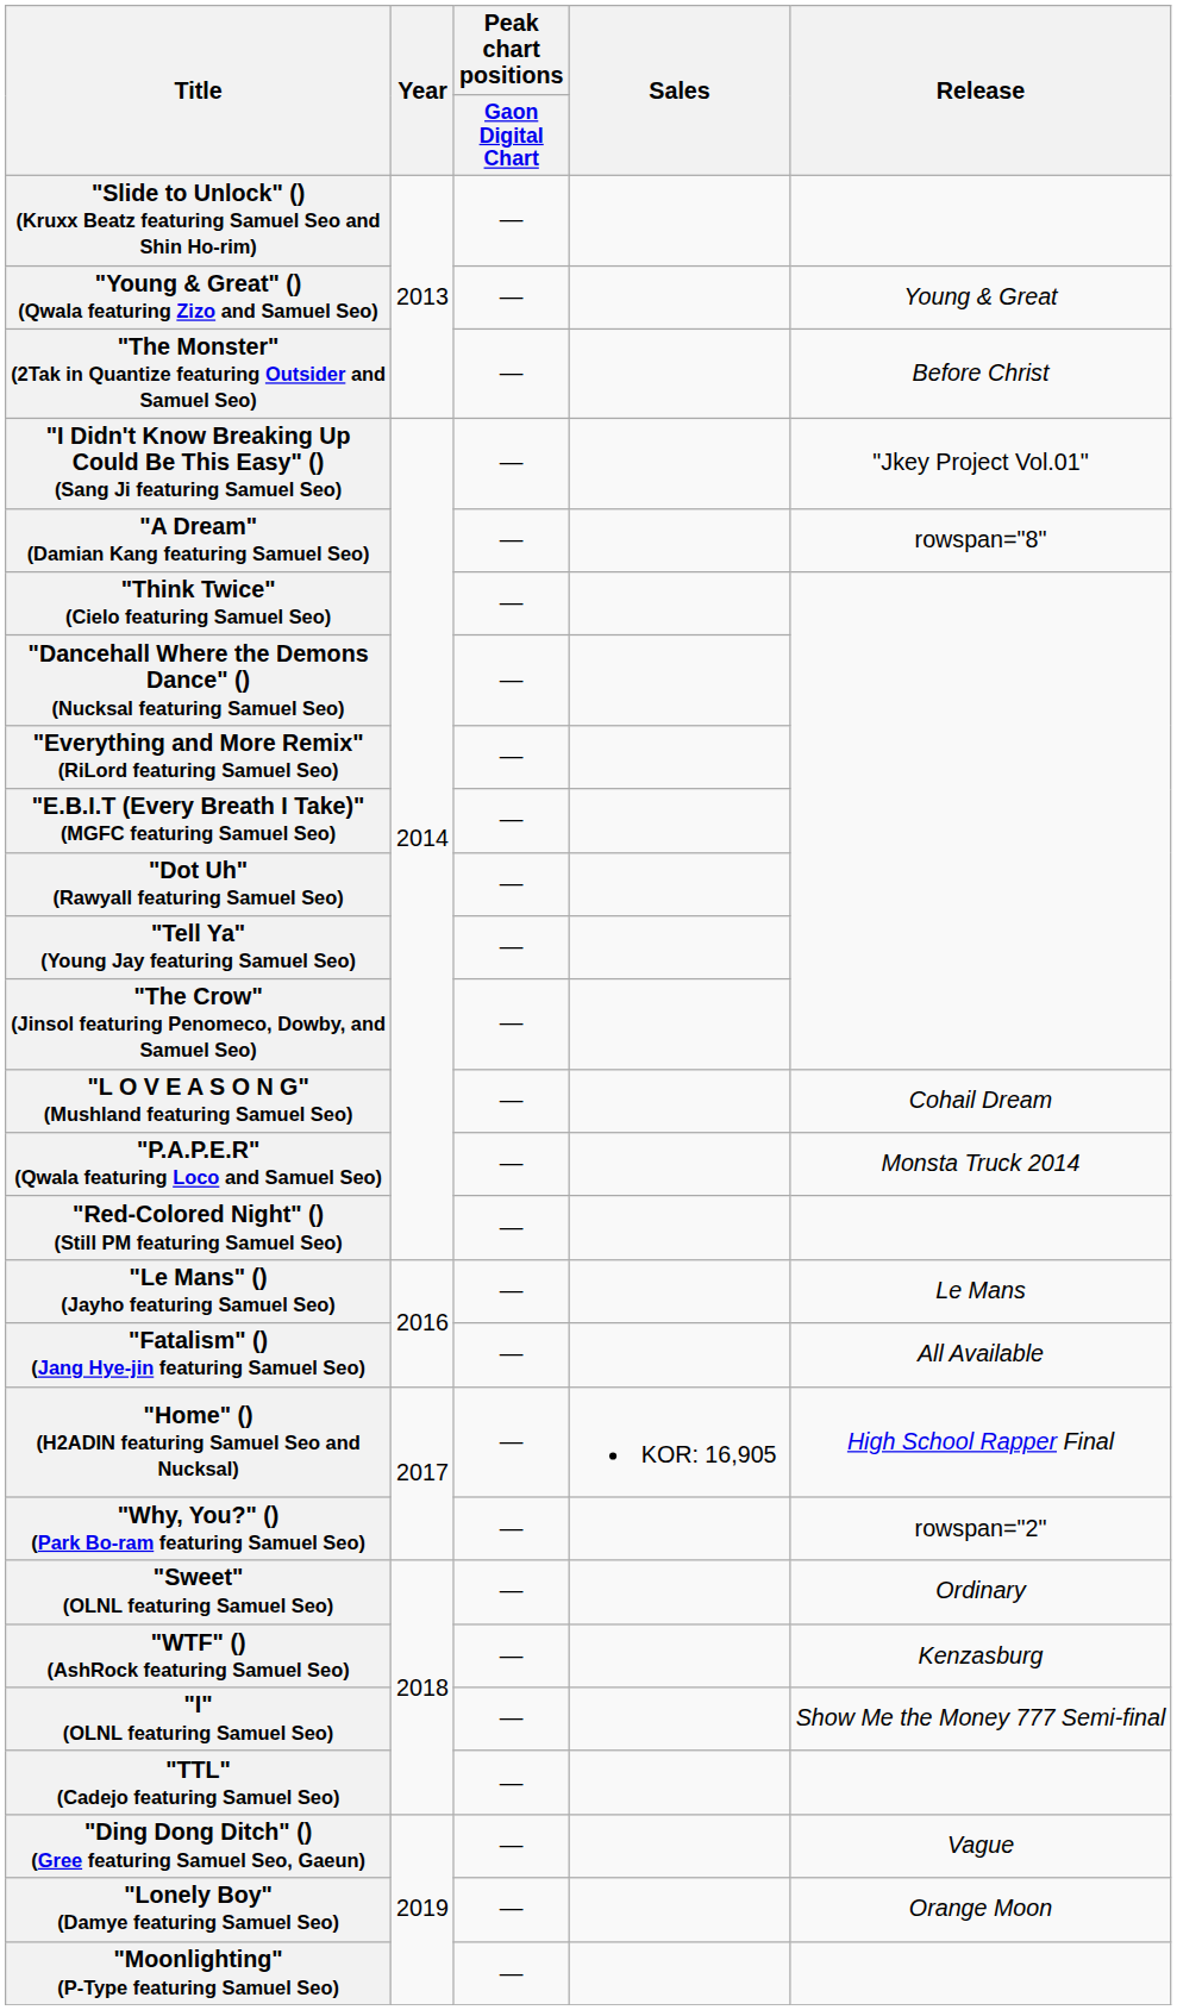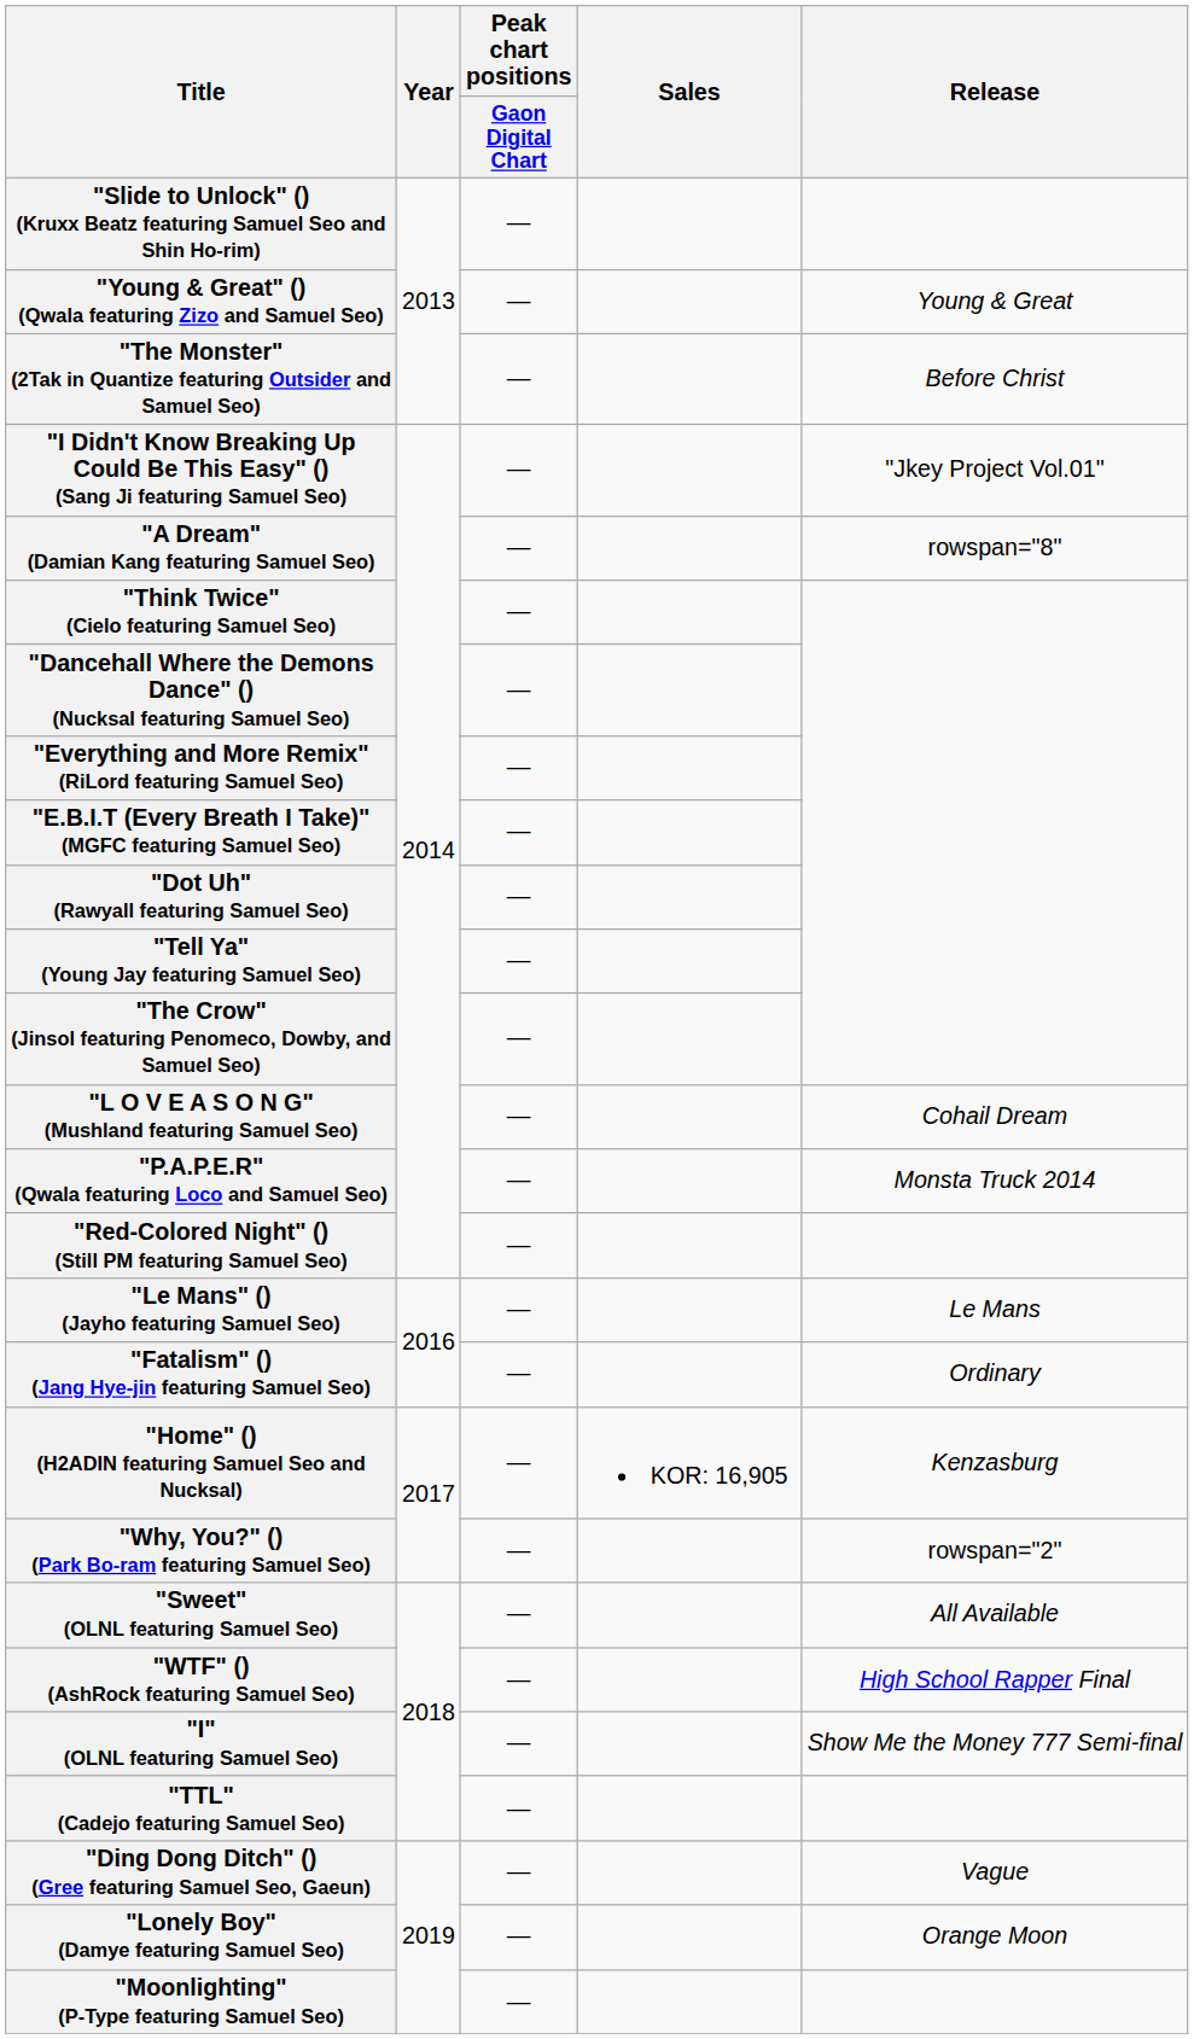 <table class="wikitable plainrowheaders" style="text-align:center;" border="1">
 <tr>
 <th scope="col" rowspan="2" style="width:16em;">Title</th>
 <th scope="col" rowspan="2">Year</th>
 <th scope="col">Peak chart positions</th>
 <th scope="col" rowspan="2" style="width:9em;">Sales</th>
 <th scope="col" rowspan="2">Release</th>
 </tr>
 <tr>
 <th scope="col" style="width:3em;font-size:90%;"><a href='#'>Gaon Digital Chart</a></th>
 </tr>
 <tr>
 <th scope="row">"Slide to Unlock" ()<br><small>(Kruxx Beatz featuring Samuel Seo and Shin Ho-rim)</small></th>
 <td rowspan="3">2013</td>
 <td>—</td>
 <td></td>
 <td></td>
 </tr>
 <tr>
 <th scope="row">"Young & Great" ()<br><small>(Qwala featuring <a href='#'>Zizo</a> and Samuel Seo)</small></th>
 <td>—</td>
 <td></td>
 <td><em>Young & Great</em></td>
 </tr>
 <tr>
 <th scope="row">"The Monster"<br><small>(2Tak in Quantize featuring <a href='#'>Outsider</a> and Samuel Seo)</small></th>
 <td>—</td>
 <td></td>
 <td><em>Before Christ</em></td>
 </tr>
 <tr>
 <th scope="row">"I Didn't Know Breaking Up Could Be This Easy" ()<br><small>(Sang Ji featuring Samuel Seo)</small></th>
 <td rowspan="12">2014</td>
 <td>—</td>
 <td></td>
 <td>"Jkey Project Vol.01"</td>
 </tr>
 <tr>
 <th scope="row">"A Dream"<br><small>(Damian Kang featuring Samuel Seo)</small></th>
 <td>—</td>
 <td></td>
 <td>rowspan="8" </td>
 </tr>
 <tr>
 <th scope="row">"Think Twice"<br><small>(Cielo featuring Samuel Seo)</small></th>
 <td>—</td>
 <td></td>
 </tr>
 <tr>
 <th scope="row">"Dancehall Where the Demons Dance" ()<br><small>(Nucksal featuring Samuel Seo)</small></th>
 <td>—</td>
 <td></td>
 </tr>
 <tr>
 <th scope="row">"Everything and More Remix"<br><small>(RiLord featuring Samuel Seo)</small></th>
 <td>—</td>
 <td></td>
 </tr>
 <tr>
 <th scope="row">"E.B.I.T (Every Breath I Take)"<br><small>(MGFC featuring Samuel Seo)</small></th>
 <td>—</td>
 <td></td>
 </tr>
 <tr>
 <th scope="row">"Dot Uh"<br><small>(Rawyall featuring Samuel Seo)</small></th>
 <td>—</td>
 <td></td>
 </tr>
 <tr>
 <th scope="row">"Tell Ya"<br><small>(Young Jay featuring Samuel Seo)</small></th>
 <td>—</td>
 <td></td>
 </tr>
 <tr>
 <th scope="row">"The Crow"<br><small>(Jinsol featuring Penomeco, Dowby, and Samuel Seo)</small></th>
 <td>—</td>
 <td></td>
 </tr>
 <tr>
 <th scope="row">"L O V E A S O N G"<br><small>(Mushland featuring Samuel Seo)</small></th>
 <td>—</td>
 <td></td>
 <td><em>Cohail Dream</em></td>
 </tr>
 <tr>
 <th scope="row">"P.A.P.E.R"<br><small>(Qwala featuring <a href='#'>Loco</a> and Samuel Seo)</small></th>
 <td>—</td>
 <td></td>
 <td><em>Monsta Truck 2014</em></td>
 </tr>
 <tr>
 <th scope="row">"Red-Colored Night" ()<br><small>(Still PM featuring Samuel Seo)</small></th>
 <td>—</td>
 <td></td>
 <td></td>
 </tr>
 <tr>
 <th scope="row">"Le Mans" ()<br><small>(Jayho featuring Samuel Seo)</small></th>
 <td rowspan="2">2016</td>
 <td>—</td>
 <td></td>
 <td><em>Le Mans</em></td>
 </tr>
 <tr>
 <th scope="row">"Fatalism" ()<br><small>(<a href='#'>Jang Hye-jin</a> featuring Samuel Seo)</small></th>
 <td>—</td>
 <td></td>
-<td><em>All Available</em></td>
+<td><em>Ordinary</em></td>
 </tr>
 <tr>
 <th scope="row">"Home" ()<br><small>(H2ADIN featuring Samuel Seo and Nucksal)</small></th>
 <td rowspan="2">2017</td>
 <td>—</td>
 <td><br><ul><li>KOR: 16,905</li></ul></td>
-<td><em><a href='#'>High School Rapper</a> Final</em></td>
+<td><em>Kenzasburg</em></td>
 </tr>
 <tr>
 <th scope="row">"Why, You?" ()<br><small>(<a href='#'>Park Bo-ram</a> featuring Samuel Seo)</small></th>
 <td>—</td>
 <td></td>
 <td>rowspan="2" </td>
 </tr>
 <tr>
 <th scope="row">"Sweet" <br><small>(OLNL featuring Samuel Seo)</small></th>
 <td rowspan="4">2018</td>
 <td>—</td>
 <td></td>
-<td><em>Ordinary</em></td>
+<td><em>All Available</em></td>
 </tr>
 <tr>
 <th scope="row">"WTF" ()<br><small>(AshRock featuring Samuel Seo)</small></th>
 <td>—</td>
 <td></td>
-<td><em>Kenzasburg</em></td>
+<td><em><a href='#'>High School Rapper</a> Final</em></td>
 </tr>
 <tr>
 <th scope="row">"I"<br><small>(OLNL featuring Samuel Seo)</small></th>
 <td>—</td>
 <td></td>
 <td><em>Show Me the Money 777 Semi-final</em></td>
 </tr>
 <tr>
 <th scope="row">"TTL"<br><small>(Cadejo featuring Samuel Seo)</small></th>
 <td>—</td>
 <td></td>
 <td></td>
 </tr>
 <tr>
 <th scope="row">"Ding Dong Ditch" ()<br><small>(<a href='#'>Gree</a> featuring Samuel Seo, Gaeun)</small></th>
 <td rowspan="3">2019</td>
 <td>—</td>
 <td></td>
 <td><em>Vague</em></td>
 </tr>
 <tr>
 <th scope="row">"Lonely Boy"<br><small>(Damye featuring Samuel Seo)</small></th>
 <td>—</td>
 <td></td>
 <td><em>Orange Moon</em></td>
 </tr>
 <tr>
 <th scope="row">"Moonlighting"<br><small>(P-Type featuring Samuel Seo)</small></th>
 <td>—</td>
 <td></td>
 </tr>
 </table>
